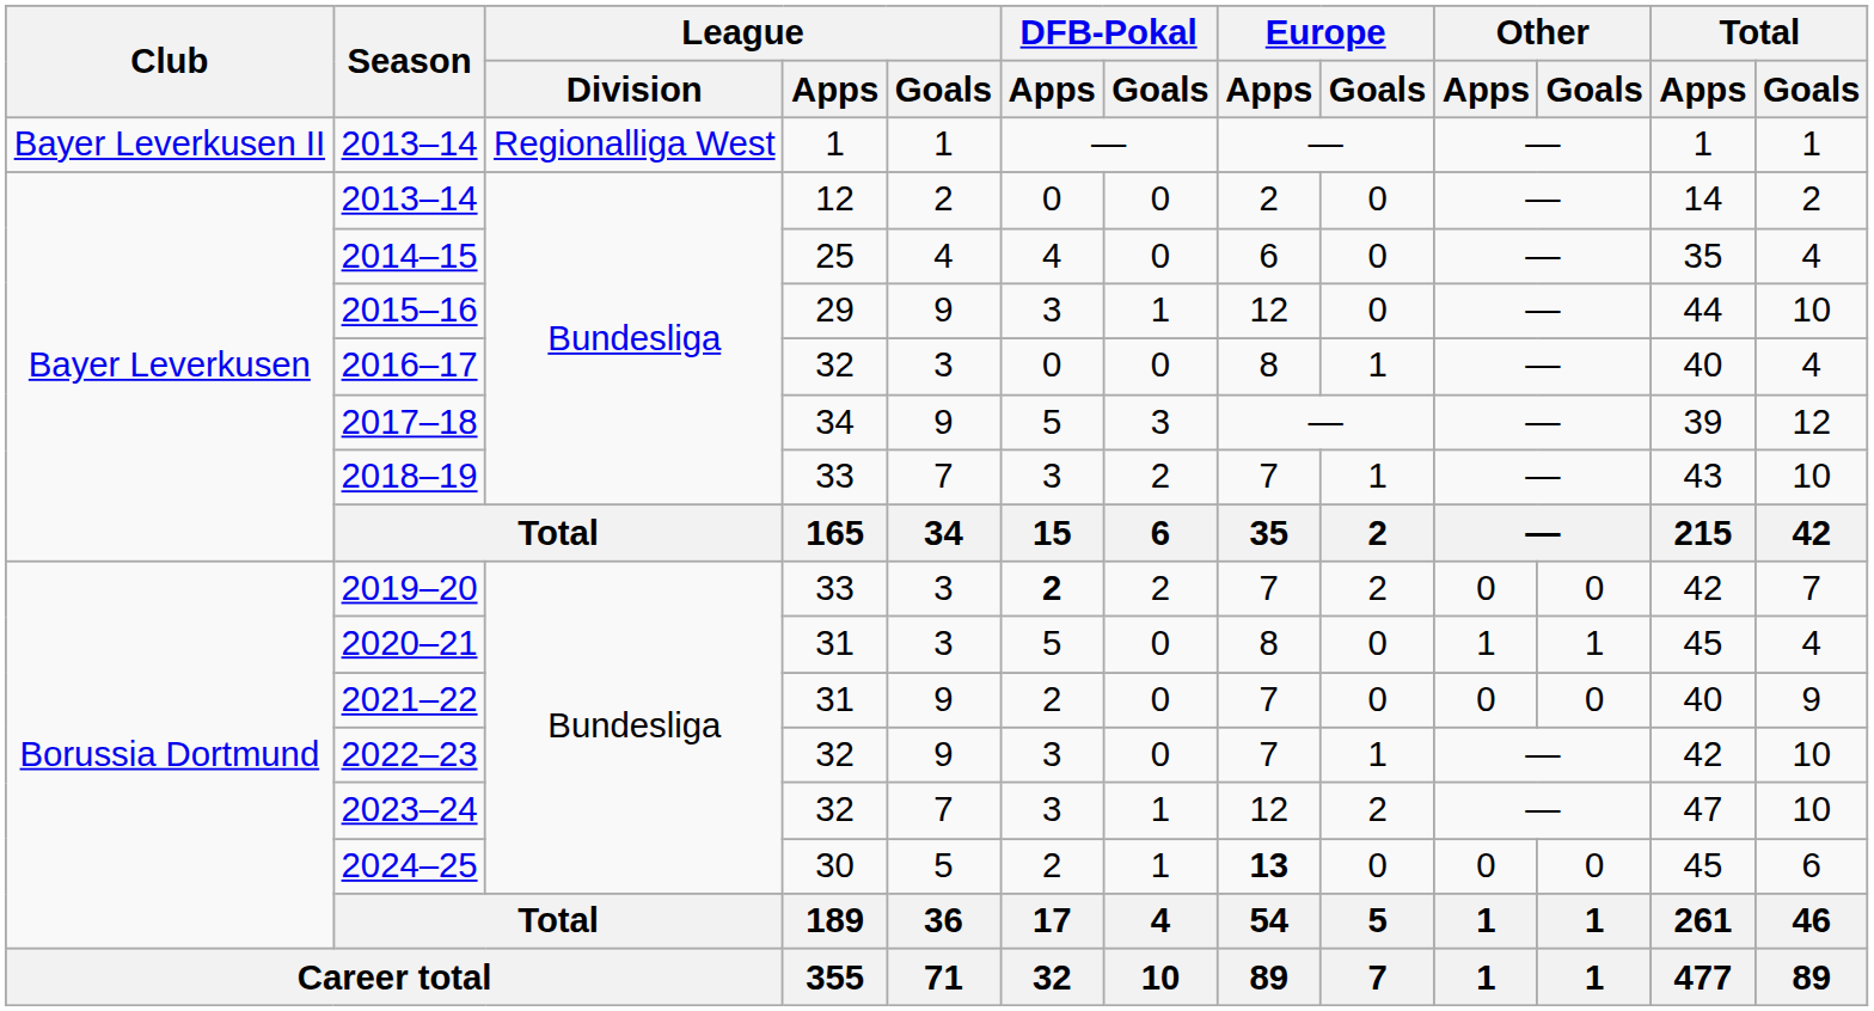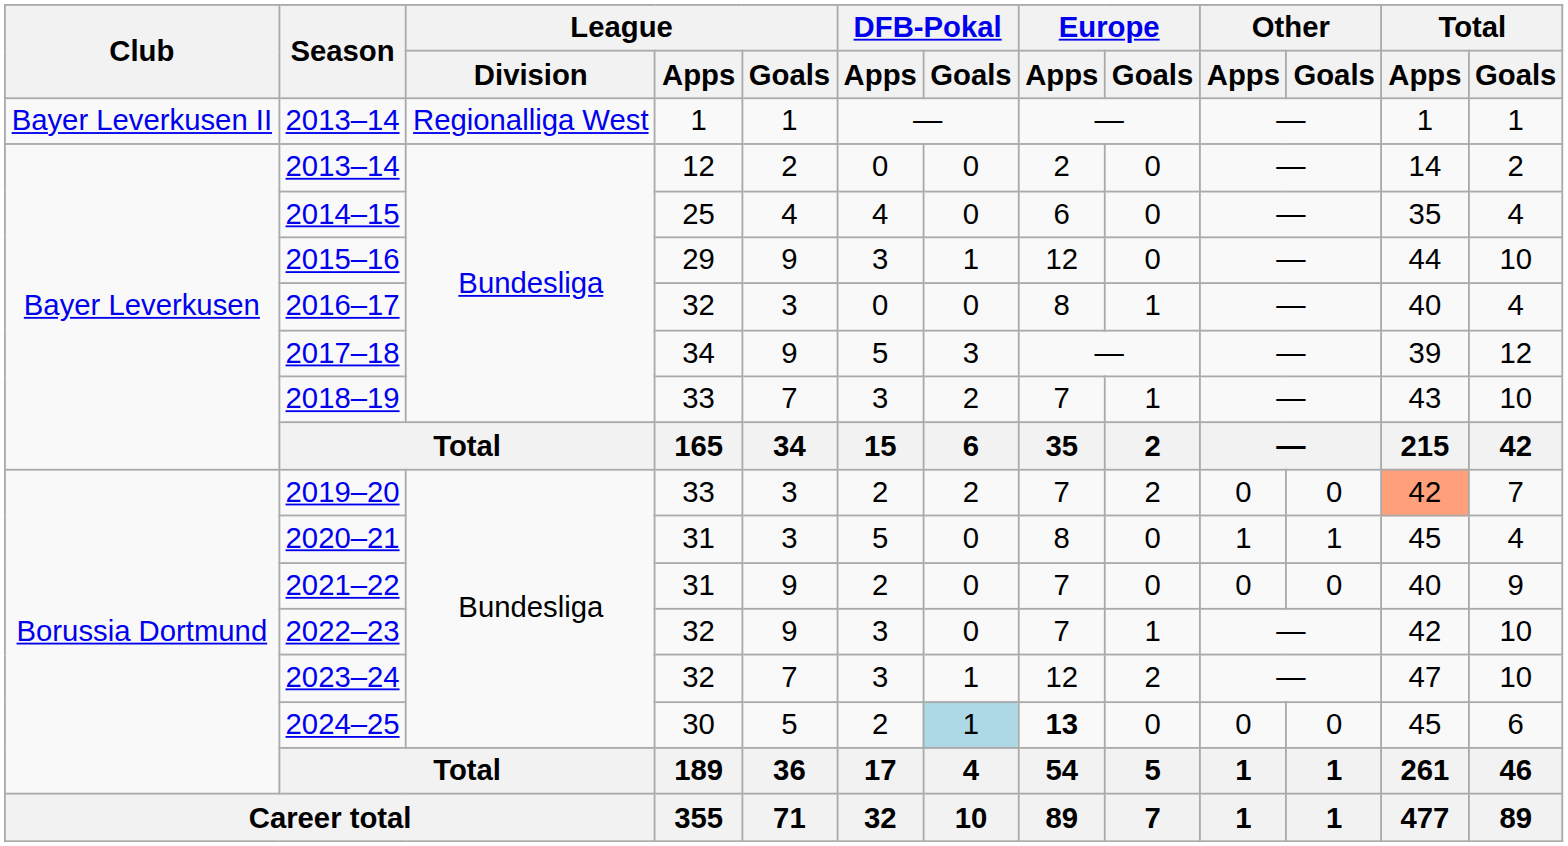 <table class="wikitable" style="text-align: center;">
 <tr>
 <th rowspan="2">Club</th>
 <th rowspan="2">Season</th>
 <th colspan="3">League</th>
 <th colspan="2"><a href='#'>DFB-Pokal</a></th>
 <th colspan="2"><a href='#'>Europe</a></th>
 <th colspan="2">Other</th>
 <th colspan="2">Total</th>
 </tr>
 <tr>
 <th>Division</th>
 <th>Apps</th>
 <th>Goals</th>
 <th>Apps</th>
 <th>Goals</th>
 <th>Apps</th>
 <th>Goals</th>
 <th>Apps</th>
 <th>Goals</th>
 <th>Apps</th>
 <th>Goals</th>
 </tr>
 <tr>
 <td><a href='#'>Bayer Leverkusen II</a></td>
 <td><a href='#'>2013–14</a></td>
 <td><a href='#'>Regionalliga West</a></td>
 <td>1</td>
 <td>1</td>
 <td colspan="2">—</td>
 <td colspan="2">—</td>
 <td colspan="2">—</td>
 <td>1</td>
 <td>1</td>
 </tr>
 <tr>
 <td rowspan="7"><a href='#'>Bayer Leverkusen</a></td>
 <td><a href='#'>2013–14</a></td>
 <td rowspan="6"><a href='#'>Bundesliga</a></td>
 <td>12</td>
 <td>2</td>
 <td>0</td>
 <td>0</td>
 <td>2</td>
 <td>0</td>
 <td colspan="2">—</td>
 <td>14</td>
 <td>2</td>
 </tr>
 <tr>
 <td><a href='#'>2014–15</a></td>
 <td>25</td>
 <td>4</td>
 <td>4</td>
 <td>0</td>
 <td>6</td>
 <td>0</td>
 <td colspan="2">—</td>
 <td>35</td>
 <td>4</td>
 </tr>
 <tr>
 <td><a href='#'>2015–16</a></td>
 <td>29</td>
 <td>9</td>
 <td>3</td>
 <td>1</td>
 <td>12</td>
 <td>0</td>
 <td colspan="2">—</td>
 <td>44</td>
 <td>10</td>
 </tr>
 <tr>
 <td><a href='#'>2016–17</a></td>
 <td>32</td>
 <td>3</td>
 <td>0</td>
 <td>0</td>
 <td>8</td>
 <td>1</td>
 <td colspan="2">—</td>
 <td>40</td>
 <td>4</td>
 </tr>
 <tr>
 <td><a href='#'>2017–18</a></td>
 <td>34</td>
 <td>9</td>
 <td>5</td>
 <td>3</td>
 <td colspan="2">—</td>
 <td colspan="2">—</td>
 <td>39</td>
 <td>12</td>
 </tr>
 <tr>
 <td><a href='#'>2018–19</a></td>
 <td>33</td>
 <td>7</td>
 <td>3</td>
 <td>2</td>
 <td>7</td>
 <td>1</td>
 <td colspan="2">—</td>
 <td>43</td>
 <td>10</td>
 </tr>
 <tr>
 <th colspan="2">Total</th>
 <th>165</th>
 <th>34</th>
 <th>15</th>
 <th>6</th>
 <th>35</th>
 <th>2</th>
 <th colspan="2">—</th>
 <th>215</th>
 <th>42</th>
 </tr>
 <tr>
 <td rowspan="7"><a href='#'>Borussia Dortmund</a></td>
 <td><a href='#'>2019–20</a></td>
 <td rowspan="6">Bundesliga</td>
 <td>33</td>
 <td>3</td>
-<td><strong>2</strong></td>
+<td>2</td>
 <td>2</td>
 <td>7</td>
 <td>2</td>
 <td>0</td>
 <td>0</td>
-<td>42</td>
+<td style="background: lightsalmon;">42</td>
 <td>7</td>
 </tr>
 <tr>
 <td><a href='#'>2020–21</a></td>
 <td>31</td>
 <td>3</td>
 <td>5</td>
 <td>0</td>
 <td>8</td>
 <td>0</td>
 <td>1</td>
 <td>1</td>
 <td>45</td>
 <td>4</td>
 </tr>
 <tr>
 <td><a href='#'>2021–22</a></td>
 <td>31</td>
 <td>9</td>
 <td>2</td>
 <td>0</td>
 <td>7</td>
 <td>0</td>
 <td>0</td>
 <td>0</td>
 <td>40</td>
 <td>9</td>
 </tr>
 <tr>
 <td><a href='#'>2022–23</a></td>
 <td>32</td>
 <td>9</td>
 <td>3</td>
 <td>0</td>
 <td>7</td>
 <td>1</td>
 <td colspan="2">—</td>
 <td>42</td>
 <td>10</td>
 </tr>
 <tr>
 <td><a href='#'>2023–24</a></td>
 <td>32</td>
 <td>7</td>
 <td>3</td>
 <td>1</td>
 <td>12</td>
 <td>2</td>
 <td colspan="2">—</td>
 <td>47</td>
 <td>10</td>
 </tr>
 <tr>
 <td><a href='#'>2024–25</a></td>
 <td>30</td>
 <td>5</td>
 <td>2</td>
-<td>1</td>
+<td style="background: lightblue;">1</td>
 <td><strong>13</strong></td>
 <td>0</td>
 <td>0</td>
 <td>0</td>
 <td>45</td>
 <td>6</td>
 </tr>
 <tr>
 <th colspan="2">Total</th>
 <th>189</th>
 <th>36</th>
 <th>17</th>
 <th>4</th>
 <th>54</th>
 <th>5</th>
 <th>1</th>
 <th>1</th>
 <th>261</th>
 <th>46</th>
 </tr>
 <tr>
 <th colspan="3">Career total</th>
 <th>355</th>
 <th>71</th>
 <th>32</th>
 <th>10</th>
 <th>89</th>
 <th>7</th>
 <th>1</th>
 <th>1</th>
 <th>477</th>
 <th>89</th>
 </tr>
 </table>
